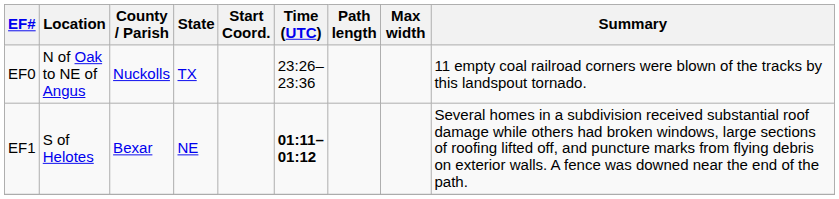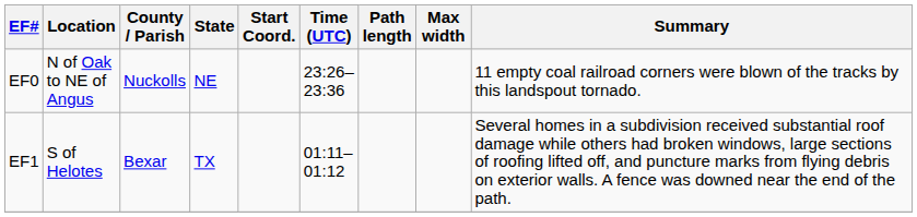 <table class="wikitable sortable" style="width:100%;">
 <tr>
 <th scope="col"  style="width:3%; text-align:center;"><a href='#'>EF#</a></th>
 <th scope="col"  style="width:7%; text-align:center;" class="unsortable">Location</th>
 <th scope="col"  style="width:6%; text-align:center;" class="unsortable">County / Parish</th>
 <th scope="col"  style="width:5%; text-align:center;">State</th>
 <th scope="col"  style="width:6%; text-align:center;">Start Coord.</th>
 <th scope="col"  style="width:6%; text-align:center;">Time (<a href='#'>UTC</a>)</th>
 <th scope="col"  style="width:6%; text-align:center;">Path length</th>
 <th scope="col"  style="width:6%; text-align:center;">Max width</th>
 <th scope="col" class="unsortable" style="width:48%; text-align:center;">Summary</th>
 </tr>
 <tr>
 <td>EF0</td>
 <td>N of <a href='#'>Oak</a> to NE of <a href='#'>Angus</a></td>
 <td><a href='#'>Nuckolls</a></td>
-<td><a href='#'>TX</a></td>
+<td><a href='#'>NE</a></td>
 <td></td>
 <td>23:26–23:36</td>
 <td></td>
 <td></td>
 <td>11 empty coal railroad corners were blown of the tracks by this landspout tornado.</td>
 </tr>
 <tr>
 <td>EF1</td>
 <td>S of <a href='#'>Helotes</a></td>
 <td><a href='#'>Bexar</a></td>
-<td><a href='#'>NE</a></td>
+<td><a href='#'>TX</a></td>
 <td></td>
-<td><strong>01:11–01:12</strong></td>
+<td>01:11–01:12</td>
 <td></td>
 <td></td>
 <td>Several homes in a subdivision received substantial roof damage while others had broken windows, large sections of roofing lifted off, and puncture marks from flying debris on exterior walls. A fence was downed near the end of the path.</td>
 </tr>
 <tr>
 </tr>
 </table>
